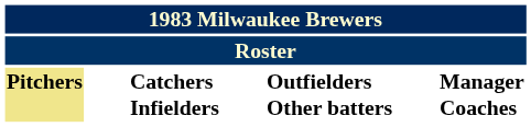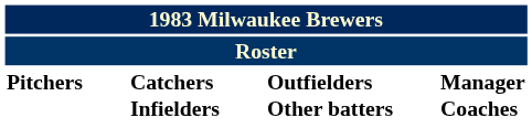 <table class="toccolours" style="font-size: 95%;">
 <tr>
 <th colspan="10" style="background-color: #00285D; color: #FFFDD0; text-align: center;">1983 Milwaukee Brewers</th>
 </tr>
 <tr>
 <td colspan="10" style="background-color: #003366; color: #FFFDD0; text-align: center;"><strong>Roster</strong></td>
 </tr>
 <tr>
-<td valign="top" style="background: khaki;"><strong>Pitchers</strong><br>              </td>
+<td valign="top"><strong>Pitchers</strong><br>              </td>
 <td width="25px"></td>
 <td valign="top"><strong>Catchers</strong><br>   <strong>Infielders</strong>       </td>
 <td width="25px"></td>
 <td valign="top"><strong>Outfielders</strong><br>        <strong>Other batters</strong>  </td>
 <td width="25px"></td>
 <td valign="top"><strong>Manager</strong><br>  <strong>Coaches</strong>      </td>
 </tr>
 <tr>
 </tr>
 <tr>
 </tr>
 </table>
